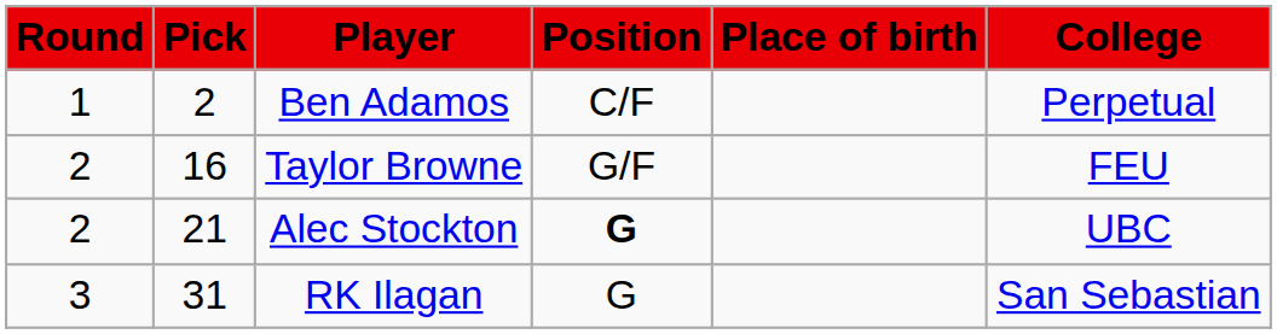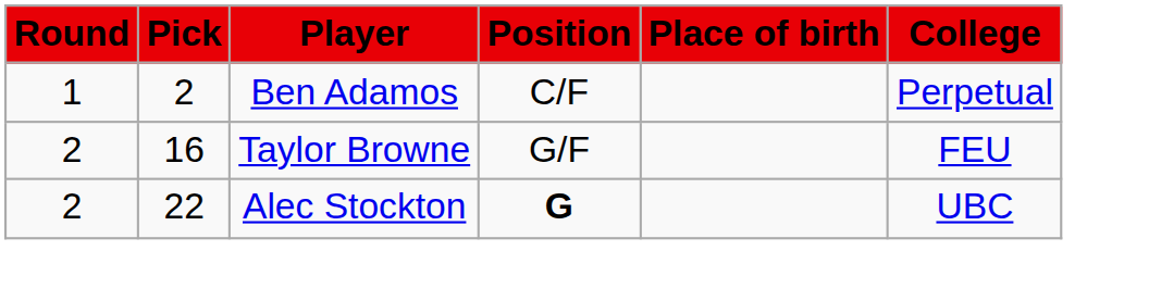 <table class="wikitable sortable sortable" style="text-align:center">
 <tr>
 <th style="background:#E80006; color:#000000; ">Round</th>
 <th style="background:#E80006; color:#000000; ">Pick</th>
 <th style="background:#E80006; color:#000000; ">Player</th>
 <th style="background:#E80006; color:#000000; ">Position</th>
 <th style="background:#E80006; color:#000000; ">Place of birth</th>
 <th style="background:#E80006; color:#000000; ">College</th>
 </tr>
 <tr>
 <td>1</td>
 <td>2</td>
 <td><a href='#'>Ben Adamos</a></td>
 <td>C/F</td>
 <td></td>
 <td><a href='#'>Perpetual</a></td>
 </tr>
 <tr>
 <td>2</td>
 <td>16</td>
 <td><a href='#'>Taylor Browne</a></td>
 <td>G/F</td>
 <td></td>
 <td><a href='#'>FEU</a></td>
 </tr>
 <tr>
 <td>2</td>
-<td>21</td>
+<td>22</td>
 <td><a href='#'>Alec Stockton</a></td>
 <td><strong>G</strong></td>
 <td></td>
 <td><a href='#'>UBC</a></td>
 </tr>
-<tr>
-<td>3</td>
-<td>31</td>
-<td><a href='#'>RK Ilagan</a></td>
-<td>G</td>
-<td></td>
-<td><a href='#'>San Sebastian</a></td>
-</tr>
 </table>
